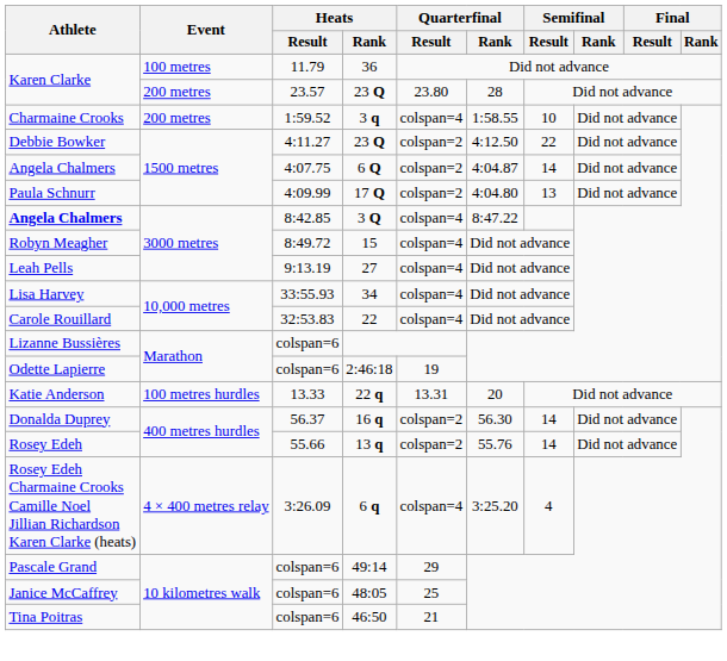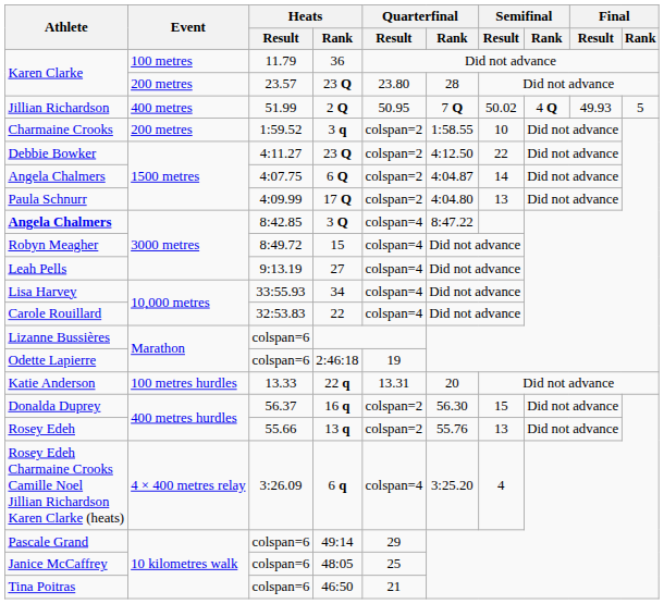 <table class="wikitable" style="font-size:90%">
 <tr>
 <th rowspan="2">Athlete</th>
 <th rowspan="2">Event</th>
 <th colspan="2">Heats</th>
 <th colspan="2">Quarterfinal</th>
 <th colspan="2">Semifinal</th>
 <th colspan="2">Final</th>
 </tr>
 <tr style="font-size:95%">
 <th>Result</th>
 <th>Rank</th>
 <th>Result</th>
 <th>Rank</th>
 <th>Result</th>
 <th>Rank</th>
 <th>Result</th>
 <th>Rank</th>
 </tr>
 <tr align=center>
 <td align=left rowspan=2><a href='#'>Karen Clarke</a></td>
 <td align=left><a href='#'>100 metres</a></td>
 <td>11.79</td>
 <td>36</td>
 <td colspan=6>Did not advance</td>
 </tr>
 <tr align=center>
 <td align=left><a href='#'>200 metres</a></td>
 <td>23.57</td>
 <td>23 <strong>Q</strong></td>
 <td>23.80</td>
 <td>28</td>
 <td colspan=4>Did not advance</td>
 </tr>
 <tr align=center>
+<td align=left><a href='#'>Jillian Richardson</a></td>
+<td align=left><a href='#'>400 metres</a></td>
+<td>51.99</td>
+<td>2 <strong>Q</strong></td>
+<td>50.95</td>
+<td>7 <strong>Q</strong></td>
+<td>50.02</td>
+<td>4 <strong>Q</strong></td>
+<td>49.93</td>
+<td>5</td>
+</tr>
+<tr align=center>
 <td align=left><a href='#'>Charmaine Crooks</a></td>
 <td align=left><a href='#'>200 metres</a></td>
 <td>1:59.52</td>
 <td>3 <strong>q</strong></td>
-<td>colspan=4</td>
+<td>colspan=2</td>
 <td>1:58.55</td>
 <td>10</td>
 <td colspan=2>Did not advance</td>
 </tr>
 <tr align=center>
 <td align=left><a href='#'>Debbie Bowker</a></td>
 <td align=left rowspan=3><a href='#'>1500 metres</a></td>
 <td>4:11.27</td>
 <td>23 <strong>Q</strong></td>
 <td>colspan=2</td>
 <td>4:12.50</td>
 <td>22</td>
 <td colspan=2>Did not advance</td>
 </tr>
 <tr align=center>
 <td align=left><a href='#'>Angela Chalmers</a></td>
 <td>4:07.75</td>
 <td>6 <strong>Q</strong></td>
 <td>colspan=2</td>
 <td>4:04.87</td>
 <td>14</td>
 <td colspan=2>Did not advance</td>
 </tr>
 <tr align=center>
 <td align=left><a href='#'>Paula Schnurr</a></td>
 <td>4:09.99</td>
 <td>17 <strong>Q</strong></td>
 <td>colspan=2</td>
 <td>4:04.80</td>
 <td>13</td>
 <td colspan=2>Did not advance</td>
 </tr>
 <tr align=center>
 <td align=left><strong><a href='#'>Angela Chalmers</a></strong></td>
 <td align=left rowspan=3><a href='#'>3000 metres</a></td>
 <td>8:42.85</td>
 <td>3 <strong>Q</strong></td>
 <td>colspan=4</td>
 <td>8:47.22</td>
 <td></td>
 </tr>
 <tr align=center>
 <td align=left><a href='#'>Robyn Meagher</a></td>
 <td>8:49.72</td>
 <td>15</td>
 <td>colspan=4</td>
 <td colspan=2>Did not advance</td>
 </tr>
 <tr align=center>
 <td align=left><a href='#'>Leah Pells</a></td>
 <td>9:13.19</td>
 <td>27</td>
 <td>colspan=4</td>
 <td colspan=2>Did not advance</td>
 </tr>
 <tr align=center>
 <td align=left><a href='#'>Lisa Harvey</a></td>
 <td align=left rowspan=2><a href='#'>10,000 metres</a></td>
 <td>33:55.93</td>
 <td>34</td>
 <td>colspan=4</td>
 <td colspan=2>Did not advance</td>
 </tr>
 <tr align=center>
 <td align=left><a href='#'>Carole Rouillard</a></td>
 <td>32:53.83</td>
 <td>22</td>
 <td>colspan=4</td>
 <td colspan=2>Did not advance</td>
 </tr>
 <tr align=center>
 <td align=left><a href='#'>Lizanne Bussières</a></td>
 <td align=left rowspan=2><a href='#'>Marathon</a></td>
 <td>colspan=6</td>
 <td colspan=2></td>
 </tr>
 <tr align=center>
 <td align=left><a href='#'>Odette Lapierre</a></td>
 <td>colspan=6</td>
 <td>2:46:18</td>
 <td>19</td>
 </tr>
 <tr align=center>
 <td align=left><a href='#'>Katie Anderson</a></td>
 <td align=left><a href='#'>100 metres hurdles</a></td>
 <td>13.33</td>
 <td>22 <strong>q</strong></td>
 <td>13.31</td>
 <td>20</td>
 <td colspan=4>Did not advance</td>
 </tr>
 <tr align=center>
 <td align=left><a href='#'>Donalda Duprey</a></td>
 <td align=left rowspan=2><a href='#'>400 metres hurdles</a></td>
 <td>56.37</td>
 <td>16 <strong>q</strong></td>
 <td>colspan=2</td>
 <td>56.30</td>
-<td>14</td>
+<td>15</td>
 <td colspan=2>Did not advance</td>
 </tr>
 <tr align=center>
 <td align=left><a href='#'>Rosey Edeh</a></td>
 <td>55.66</td>
 <td>13 <strong>q</strong></td>
 <td>colspan=2</td>
 <td>55.76</td>
-<td>14</td>
+<td>13</td>
 <td colspan=2>Did not advance</td>
 </tr>
 <tr align=center>
 <td align=left><a href='#'>Rosey Edeh</a><br><a href='#'>Charmaine Crooks</a><br><a href='#'>Camille Noel</a><br><a href='#'>Jillian Richardson</a><br><a href='#'>Karen Clarke</a> (heats)</td>
 <td align=left><a href='#'>4 × 400 metres relay</a></td>
 <td>3:26.09</td>
 <td>6 <strong>q</strong></td>
 <td>colspan=4</td>
 <td>3:25.20</td>
 <td>4</td>
 </tr>
 <tr align=center>
 <td align=left><a href='#'>Pascale Grand</a></td>
 <td align=left rowspan=3><a href='#'>10 kilometres walk</a></td>
 <td>colspan=6</td>
 <td>49:14</td>
 <td>29</td>
 </tr>
 <tr align=center>
 <td align=left><a href='#'>Janice McCaffrey</a></td>
 <td>colspan=6</td>
 <td>48:05</td>
 <td>25</td>
 </tr>
 <tr align=center>
 <td align=left><a href='#'>Tina Poitras</a></td>
 <td>colspan=6</td>
 <td>46:50</td>
 <td>21</td>
 </tr>
 </table>
